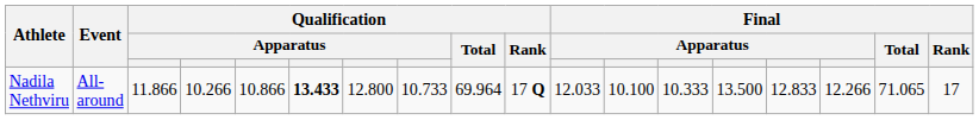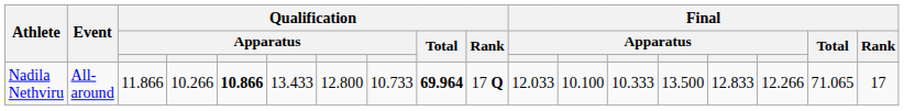 <table class=wikitable style=font-size:90%>
 <tr>
 <th rowspan=3>Athlete</th>
 <th rowspan=3>Event</th>
 <th colspan=8>Qualification</th>
 <th colspan=8>Final</th>
 </tr>
 <tr style=font-size:95%>
 <th colspan=6>Apparatus</th>
 <th rowspan=2>Total</th>
 <th rowspan=2>Rank</th>
 <th colspan=6>Apparatus</th>
 <th rowspan=2>Total</th>
 <th rowspan=2>Rank</th>
 </tr>
 <tr style=font-size:95%>
 <th></th>
 <th></th>
 <th></th>
 <th></th>
 <th></th>
 <th></th>
 <th></th>
 <th></th>
 <th></th>
 <th></th>
 <th></th>
 <th></th>
 </tr>
 <tr align=center>
 <td align=left><a href='#'>Nadila Nethviru</a></td>
 <td align=left><a href='#'>All-around</a></td>
 <td>11.866</td>
 <td>10.266</td>
-<td>10.866</td>
-<td><strong>13.433</strong></td>
+<td><strong>10.866</strong></td>
+<td>13.433</td>
 <td>12.800</td>
 <td>10.733</td>
-<td>69.964</td>
+<td><strong>69.964</strong></td>
 <td>17 <strong>Q</strong></td>
 <td>12.033</td>
 <td>10.100</td>
 <td>10.333</td>
 <td>13.500</td>
 <td>12.833</td>
 <td>12.266</td>
 <td>71.065</td>
 <td>17</td>
 </tr>
 </table>
